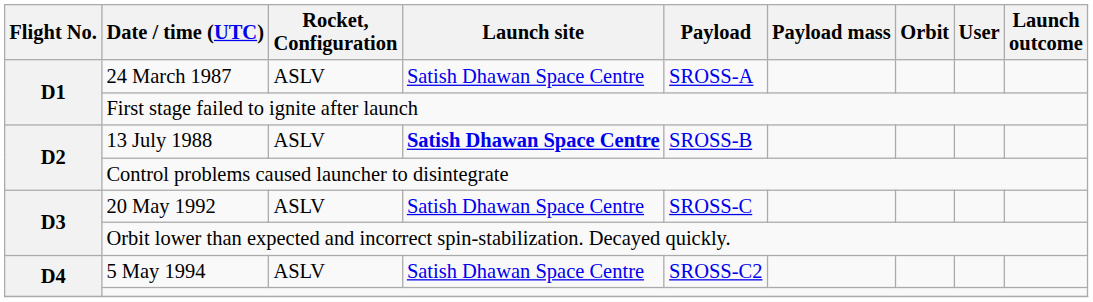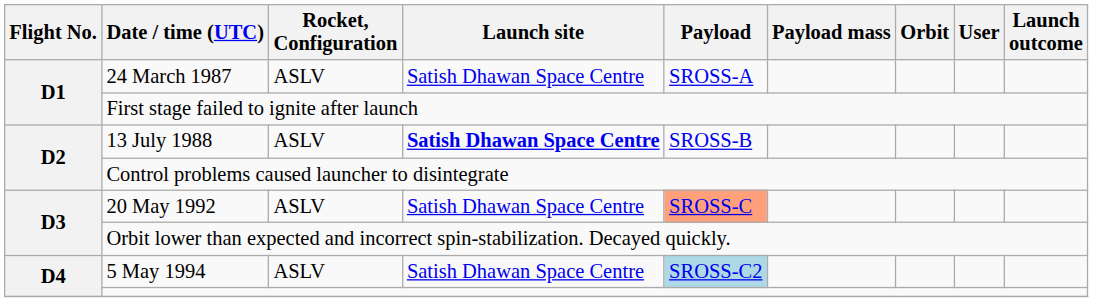 <table class="wikitable plainrowheaders">
 <tr>
 <th scope="col">Flight No.</th>
 <th scope="col">Date / time (<a href='#'>UTC</a>)</th>
 <th scope="col">Rocket,<br>Configuration</th>
 <th scope="col">Launch site</th>
 <th scope="col">Payload</th>
 <th scope="col">Payload mass</th>
 <th scope="col">Orbit</th>
 <th scope="col">User</th>
 <th scope="col">Launch <br> outcome</th>
 </tr>
 <tr>
 <th scope="row" rowspan=2 style="text-align:center;">D1</th>
 <td>24 March 1987</td>
 <td>ASLV</td>
 <td><a href='#'>Satish Dhawan Space Centre</a></td>
 <td><a href='#'>SROSS-A</a></td>
 <td></td>
 <td></td>
 <td></td>
 <td></td>
 </tr>
 <tr>
 <td colspan=9>First stage failed to ignite after launch</td>
 </tr>
 <tr>
 <th scope="row" rowspan=2 style="text-align:center;">D2</th>
 <td>13 July 1988</td>
 <td>ASLV</td>
 <td><strong><a href='#'>Satish Dhawan Space Centre</a></strong></td>
 <td><a href='#'>SROSS-B</a></td>
 <td></td>
 <td></td>
 <td></td>
 <td></td>
 </tr>
 <tr>
 <td colspan=9>Control problems caused launcher to disintegrate</td>
 </tr>
 <tr>
 <th scope="row" rowspan=2 style="text-align:center;">D3</th>
 <td>20 May 1992</td>
 <td>ASLV</td>
 <td><a href='#'>Satish Dhawan Space Centre</a></td>
-<td><a href='#'>SROSS-C</a></td>
+<td style="background: lightsalmon;"><a href='#'>SROSS-C</a></td>
 <td></td>
 <td></td>
 <td></td>
 <td></td>
 </tr>
 <tr>
 <td colspan=9>Orbit lower than expected and incorrect spin-stabilization. Decayed quickly.</td>
 </tr>
 <tr>
 <th scope="row" rowspan=2 style="text-align:center;">D4</th>
 <td>5 May 1994</td>
 <td>ASLV</td>
 <td><a href='#'>Satish Dhawan Space Centre</a></td>
-<td><a href='#'>SROSS-C2</a></td>
+<td style="background: lightblue;"><a href='#'>SROSS-C2</a></td>
 <td></td>
 <td></td>
 <td></td>
 <td></td>
 </tr>
 <tr>
 <td colspan=9></td>
 </tr>
 <tr>
 </tr>
 </table>
